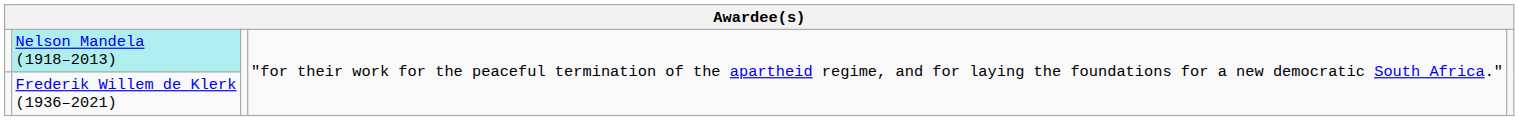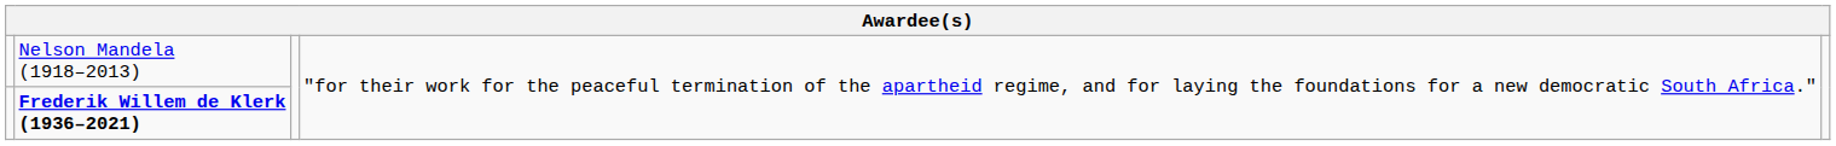 <table class="wikitable">
 <tr>
 <th colspan="5">Awardee(s)</th>
 </tr>
 <tr>
 <td></td>
-<td style="background: paleturquoise;"><a href='#'>Nelson Mandela</a><br>(1918–2013)</td>
+<td><a href='#'>Nelson Mandela</a><br>(1918–2013)</td>
 <td rowspan="2"></td>
 <td rowspan="2">"for their work for the peaceful termination of the <a href='#'>apartheid</a> regime, and for laying the foundations for a new democratic <a href='#'>South Africa</a>."</td>
 <td rowspan="2"></td>
 </tr>
 <tr>
 <td></td>
-<td><a href='#'>Frederik Willem de Klerk</a><br>(1936–2021)</td>
+<td><strong><a href='#'>Frederik Willem de Klerk</a><br>(1936–2021)</strong></td>
 </tr>
 </table>
